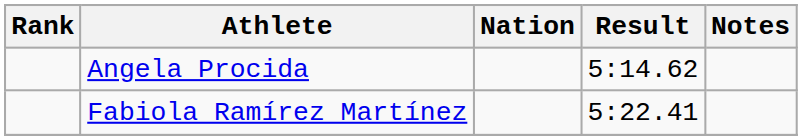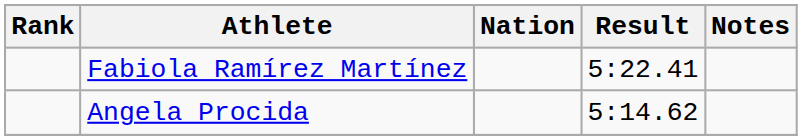 <table class="wikitable sortable" style="text-align:center">
 <tr>
 <th>Rank</th>
 <th>Athlete</th>
 <th>Nation</th>
 <th>Result</th>
 <th>Notes</th>
 </tr>
 <tr>
 <td></td>
+<td align=left><a href='#'>Fabiola Ramírez Martínez</a></td>
+<td align=left></td>
+<td>5:22.41</td>
+<td></td>
+</tr>
+<tr>
+<td></td>
 <td align=left><a href='#'>Angela Procida</a></td>
 <td align=left></td>
 <td>5:14.62</td>
 <td></td>
 </tr>
 <tr>
-<td></td>
-<td align=left><a href='#'>Fabiola Ramírez Martínez</a></td>
-<td align=left></td>
-<td>5:22.41</td>
-<td></td>
-</tr>
-<tr>
 </tr>
 </table>
